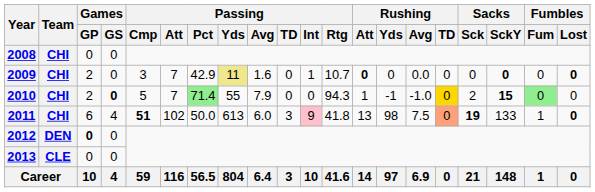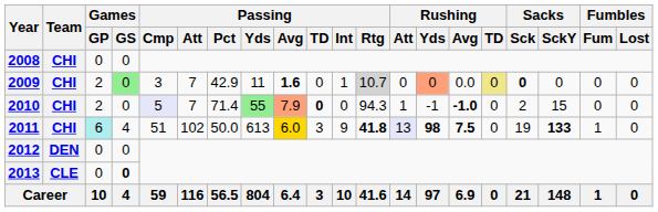 <table class="wikitable" style="text-align:center;">
 <tr>
 <th rowspan="2">Year</th>
 <th rowspan="2">Team</th>
 <th colspan="2">Games</th>
 <th colspan="8">Passing</th>
 <th colspan="4">Rushing</th>
 <th colspan="2">Sacks</th>
 <th colspan="2">Fumbles</th>
 </tr>
 <tr>
 <th>GP</th>
 <th>GS</th>
 <th>Cmp</th>
 <th>Att</th>
 <th>Pct</th>
 <th>Yds</th>
 <th>Avg</th>
 <th>TD</th>
 <th>Int</th>
 <th>Rtg</th>
 <th>Att</th>
 <th>Yds</th>
 <th>Avg</th>
 <th>TD</th>
 <th>Sck</th>
 <th>SckY</th>
 <th>Fum</th>
 <th>Lost</th>
 </tr>
 <tr>
 <th><a href='#'>2008</a></th>
 <th><a href='#'>CHI</a></th>
 <td>0</td>
 <td>0</td>
 <td colspan="16"></td>
 </tr>
 <tr>
 <th><a href='#'>2009</a></th>
 <th><a href='#'>CHI</a></th>
 <td>2</td>
-<td>0</td>
+<td style="background: lightgreen;">0</td>
 <td>3</td>
 <td>7</td>
 <td>42.9</td>
-<td style="background: khaki;">11</td>
-<td>1.6</td>
+<td>11</td>
+<td><strong>1.6</strong></td>
 <td>0</td>
 <td>1</td>
-<td>10.7</td>
+<td style="background: lightgrey;">10.7</td>
+<td>0</td>
+<td style="background: lightsalmon;">0</td>
+<td>0.0</td>
+<td style="background: khaki;">0</td>
 <td><strong>0</strong></td>
 <td>0</td>
-<td>0.0</td>
 <td>0</td>
 <td>0</td>
-<td><strong>0</strong></td>
-<td>0</td>
-<td><strong>0</strong></td>
 </tr>
 <tr>
 <th><a href='#'>2010</a></th>
 <th><a href='#'>CHI</a></th>
 <td>2</td>
+<td>0</td>
+<td style="background: lavender;">5</td>
+<td>7</td>
+<td>71.4</td>
+<td style="background: lightgreen;">55</td>
+<td style="background: lightsalmon;">7.9</td>
 <td><strong>0</strong></td>
-<td>5</td>
-<td>7</td>
-<td style="background: lightgreen;">71.4</td>
-<td>55</td>
-<td>7.9</td>
-<td>0</td>
 <td>0</td>
 <td>94.3</td>
 <td>1</td>
 <td>-1</td>
-<td>-1.0</td>
-<td style="background: gold;">0</td>
+<td><strong>-1.0</strong></td>
+<td>0</td>
 <td>2</td>
-<td><strong>15</strong></td>
-<td style="background: lightgreen;">0</td>
+<td>15</td>
+<td>0</td>
 <td>0</td>
 </tr>
 <tr>
 <th><a href='#'>2011</a></th>
 <th><a href='#'>CHI</a></th>
-<td>6</td>
+<td style="background: paleturquoise;">6</td>
 <td>4</td>
-<td><strong>51</strong></td>
+<td>51</td>
 <td>102</td>
 <td>50.0</td>
 <td>613</td>
-<td>6.0</td>
+<td style="background: gold;">6.0</td>
 <td>3</td>
-<td style="background: pink;">9</td>
-<td>41.8</td>
-<td>13</td>
-<td>98</td>
-<td>7.5</td>
-<td style="background: lightsalmon;">0</td>
-<td><strong>19</strong></td>
-<td>133</td>
+<td>9</td>
+<td><strong>41.8</strong></td>
+<td style="background: lavender;">13</td>
+<td><strong>98</strong></td>
+<td><strong>7.5</strong></td>
+<td>0</td>
+<td>19</td>
+<td><strong>133</strong></td>
 <td>1</td>
-<td><strong>0</strong></td>
+<td>0</td>
 </tr>
 <tr>
 <th><a href='#'>2012</a></th>
 <th><a href='#'>DEN</a></th>
-<td><strong>0</strong></td>
+<td>0</td>
 <td>0</td>
 <td colspan="16" rowspan="2"></td>
 </tr>
 <tr>
 <th><a href='#'>2013</a></th>
 <th><a href='#'>CLE</a></th>
 <td>0</td>
-<td>0</td>
+<td><strong>0</strong></td>
 </tr>
 <tr>
 <th colspan="2">Career</th>
 <th>10</th>
 <th>4</th>
 <th>59</th>
 <th>116</th>
 <th>56.5</th>
 <th>804</th>
 <th>6.4</th>
 <th>3</th>
 <th>10</th>
 <th>41.6</th>
 <th>14</th>
 <th>97</th>
 <th>6.9</th>
 <th>0</th>
 <th>21</th>
 <th>148</th>
 <th>1</th>
 <th>0</th>
 </tr>
 </table>
